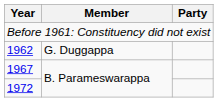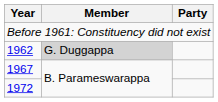 <table class="wikitable">
 <tr>
 <th>Year</th>
 <th>Member</th>
 <th Colspan=2>Party</th>
 </tr>
 <tr>
 <td colspan=4><em>Before 1961: Constituency did not exist</em></td>
 </tr>
 <tr>
 <td><a href='#'>1962</a></td>
-<td>G. Duggappa</td>
+<td style="background: lightgrey;">G. Duggappa</td>
 <td></td>
 </tr>
 <tr>
 <td><a href='#'>1967</a></td>
 <td rowspan="2">B. Parameswarappa</td>
 <td></td>
 </tr>
 <tr>
 <td><a href='#'>1972</a></td>
 <td></td>
 </tr>
 </table>
